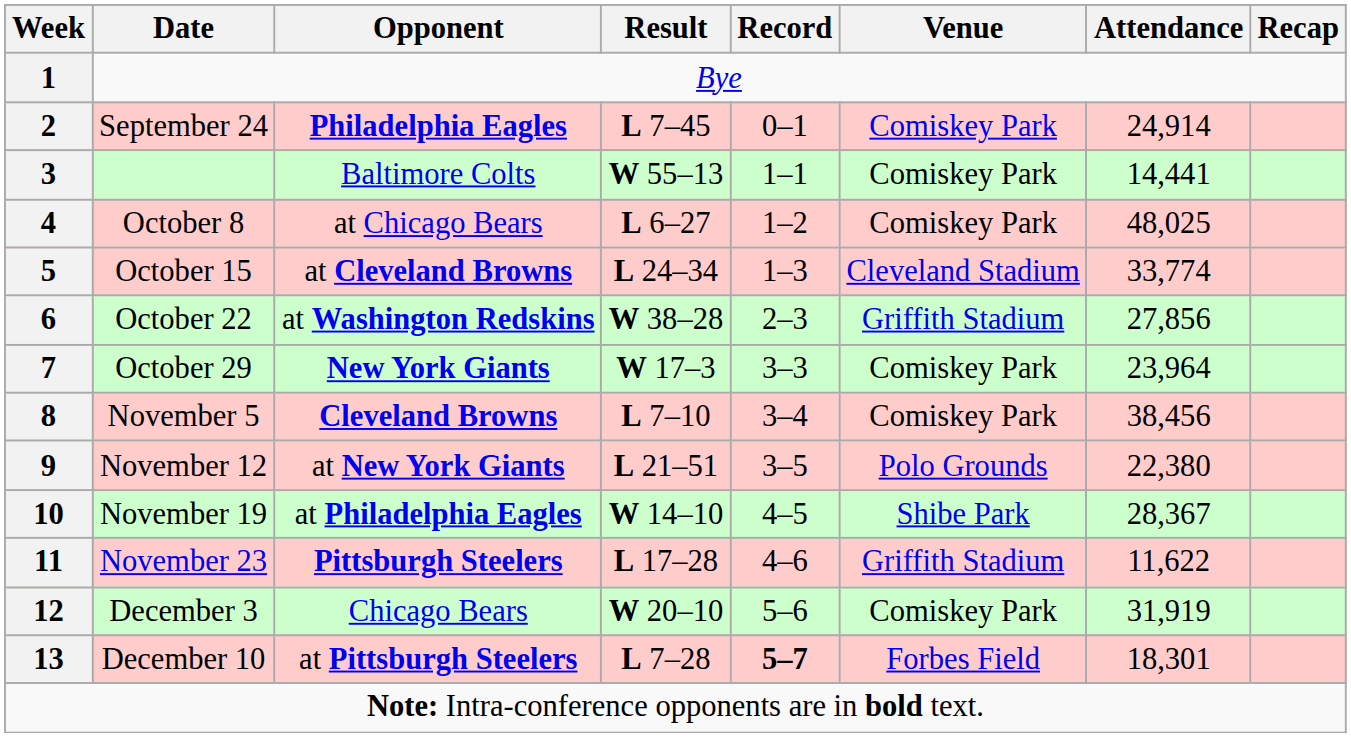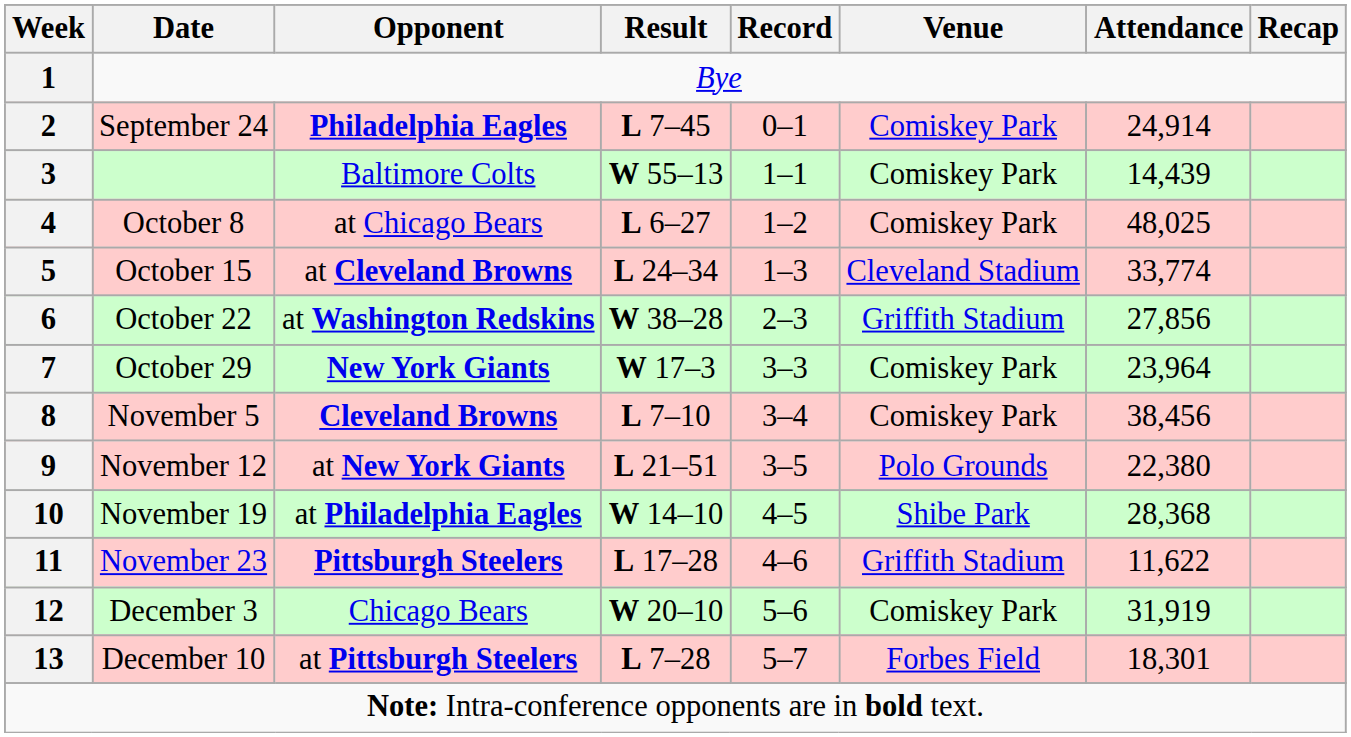 <table class="wikitable" style="text-align:center">
 <tr>
 <th>Week</th>
 <th>Date</th>
 <th>Opponent</th>
 <th>Result</th>
 <th>Record</th>
 <th>Venue</th>
 <th>Attendance</th>
 <th>Recap</th>
 </tr>
 <tr>
 <th>1</th>
 <td colspan="7"><em><a href='#'>Bye</a></em></td>
 </tr>
 <tr style="background:#fcc">
 <th>2</th>
 <td>September 24</td>
 <td><strong><a href='#'>Philadelphia Eagles</a></strong></td>
 <td><strong>L</strong> 7–45</td>
 <td>0–1</td>
 <td><a href='#'>Comiskey Park</a></td>
 <td>24,914</td>
 <td></td>
 </tr>
 <tr style="background:#cfc">
 <th>3</th>
 <td></td>
 <td><a href='#'>Baltimore Colts</a></td>
 <td><strong>W</strong> 55–13</td>
 <td>1–1</td>
 <td>Comiskey Park</td>
-<td>14,441</td>
+<td>14,439</td>
 <td></td>
 </tr>
 <tr style="background:#fcc">
 <th>4</th>
 <td>October 8</td>
 <td>at <a href='#'>Chicago Bears</a></td>
 <td><strong>L</strong> 6–27</td>
 <td>1–2</td>
 <td>Comiskey Park</td>
 <td>48,025</td>
 <td></td>
 </tr>
 <tr style="background:#fcc">
 <th>5</th>
 <td>October 15</td>
 <td>at <strong><a href='#'>Cleveland Browns</a></strong></td>
 <td><strong>L</strong> 24–34</td>
 <td>1–3</td>
 <td><a href='#'>Cleveland Stadium</a></td>
 <td>33,774</td>
 <td></td>
 </tr>
 <tr style="background:#cfc">
 <th>6</th>
 <td>October 22</td>
 <td>at <strong><a href='#'>Washington Redskins</a></strong></td>
 <td><strong>W</strong> 38–28</td>
 <td>2–3</td>
 <td><a href='#'>Griffith Stadium</a></td>
 <td>27,856</td>
 <td></td>
 </tr>
 <tr style="background:#cfc">
 <th>7</th>
 <td>October 29</td>
 <td><strong><a href='#'>New York Giants</a></strong></td>
 <td><strong>W</strong> 17–3</td>
 <td>3–3</td>
 <td>Comiskey Park</td>
 <td>23,964</td>
 <td></td>
 </tr>
 <tr style="background:#fcc">
 <th>8</th>
 <td>November 5</td>
 <td><strong><a href='#'>Cleveland Browns</a></strong></td>
 <td><strong>L</strong> 7–10</td>
 <td>3–4</td>
 <td>Comiskey Park</td>
 <td>38,456</td>
 <td></td>
 </tr>
 <tr style="background:#fcc">
 <th>9</th>
 <td>November 12</td>
 <td>at <strong><a href='#'>New York Giants</a></strong></td>
 <td><strong>L</strong> 21–51</td>
 <td>3–5</td>
 <td><a href='#'>Polo Grounds</a></td>
 <td>22,380</td>
 <td></td>
 </tr>
 <tr style="background:#cfc">
 <th>10</th>
 <td>November 19</td>
 <td>at <strong><a href='#'>Philadelphia Eagles</a></strong></td>
 <td><strong>W</strong> 14–10</td>
 <td>4–5</td>
 <td><a href='#'>Shibe Park</a></td>
-<td>28,367</td>
+<td>28,368</td>
 <td></td>
 </tr>
 <tr style="background:#fcc">
 <th>11</th>
 <td><a href='#'>November 23</a></td>
 <td><strong><a href='#'>Pittsburgh Steelers</a></strong></td>
 <td><strong>L</strong> 17–28</td>
 <td>4–6</td>
 <td><a href='#'>Griffith Stadium</a></td>
 <td>11,622</td>
 <td></td>
 </tr>
 <tr style="background:#cfc">
 <th>12</th>
 <td>December 3</td>
 <td><a href='#'>Chicago Bears</a></td>
 <td><strong>W</strong> 20–10</td>
 <td>5–6</td>
 <td>Comiskey Park</td>
 <td>31,919</td>
 <td></td>
 </tr>
 <tr style="background:#fcc">
 <th>13</th>
 <td>December 10</td>
 <td>at <strong><a href='#'>Pittsburgh Steelers</a></strong></td>
 <td><strong>L</strong> 7–28</td>
-<td><strong>5–7</strong></td>
+<td>5–7</td>
 <td><a href='#'>Forbes Field</a></td>
 <td>18,301</td>
 <td></td>
 </tr>
 <tr>
 <td colspan="8"><strong>Note:</strong> Intra-conference opponents are in <strong>bold</strong> text.</td>
 </tr>
 </table>
